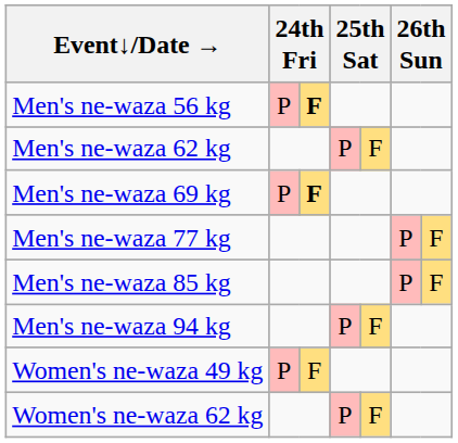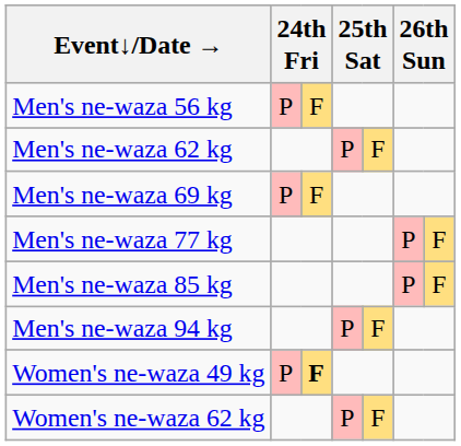 <table class="wikitable" style="margin:0.5em auto; font-size:90%; line-height:1.25em; text-align:center;">
 <tr>
 <th>Event↓/Date →</th>
 <th colspan=2>24th<br>Fri</th>
 <th colspan=2>25th<br>Sat</th>
 <th colspan=2>26th<br>Sun</th>
 </tr>
 <tr>
 <td align="left"><a href='#'>Men's ne-waza 56 kg</a></td>
 <td bgcolor="#FFBBBB">P</td>
-<td bgcolor="#FFDF80"><strong>F</strong></td>
+<td bgcolor="#FFDF80">F</td>
 <td colspan=2></td>
 <td colspan=2></td>
 </tr>
 <tr>
 <td align="left"><a href='#'>Men's ne-waza 62 kg</a></td>
 <td colspan=2></td>
 <td bgcolor="#FFBBBB">P</td>
 <td bgcolor="#FFDF80">F</td>
 <td colspan=2></td>
 </tr>
 <tr>
 <td align="left"><a href='#'>Men's ne-waza 69 kg</a></td>
 <td bgcolor="#FFBBBB">P</td>
-<td bgcolor="#FFDF80"><strong>F</strong></td>
+<td bgcolor="#FFDF80">F</td>
 <td colspan=2></td>
 <td colspan=2></td>
 </tr>
 <tr>
 <td align="left"><a href='#'>Men's ne-waza 77 kg</a></td>
 <td colspan=2></td>
 <td colspan=2></td>
 <td bgcolor="#FFBBBB">P</td>
 <td bgcolor="#FFDF80">F</td>
 </tr>
 <tr>
 <td align="left"><a href='#'>Men's ne-waza 85 kg</a></td>
 <td colspan=2></td>
 <td colspan=2></td>
 <td bgcolor="#FFBBBB">P</td>
 <td bgcolor="#FFDF80">F</td>
 </tr>
 <tr>
 <td align="left"><a href='#'>Men's ne-waza 94 kg</a></td>
 <td colspan=2></td>
 <td bgcolor="#FFBBBB">P</td>
 <td bgcolor="#FFDF80">F</td>
 <td colspan=2></td>
 </tr>
 <tr>
 <td align="left"><a href='#'>Women's ne-waza 49 kg</a></td>
 <td bgcolor="#FFBBBB">P</td>
-<td bgcolor="#FFDF80">F</td>
+<td bgcolor="#FFDF80"><strong>F</strong></td>
 <td colspan=2></td>
 <td colspan=2></td>
 </tr>
 <tr>
 <td align="left"><a href='#'>Women's ne-waza 62 kg</a></td>
 <td colspan=2></td>
 <td bgcolor="#FFBBBB">P</td>
 <td bgcolor="#FFDF80">F</td>
 <td colspan=2></td>
 </tr>
 </table>
